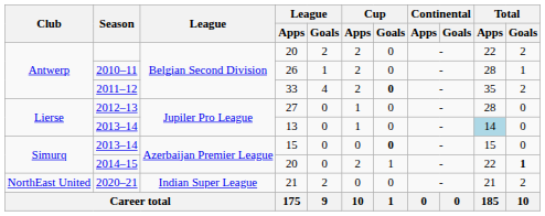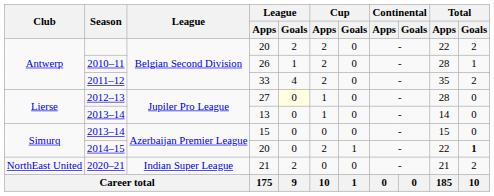 <table class="wikitable" style="text-align:center">
 <tr>
 <th rowspan="2">Club</th>
 <th rowspan="2">Season</th>
 <th rowspan="2">League</th>
 <th colspan=2>League</th>
 <th colspan=2>Cup</th>
 <th colspan=2>Continental</th>
 <th colspan=2>Total</th>
 </tr>
 <tr>
 <th>Apps</th>
 <th>Goals</th>
 <th>Apps</th>
 <th>Goals</th>
 <th>Apps</th>
 <th>Goals</th>
 <th>Apps</th>
 <th>Goals</th>
 </tr>
 <tr>
 <td rowspan="3"><a href='#'>Antwerp</a></td>
 <td></td>
 <td rowspan="3"><a href='#'>Belgian Second Division</a></td>
 <td>20</td>
 <td>2</td>
 <td>2</td>
 <td>0</td>
 <td colspan="2">-</td>
 <td>22</td>
 <td>2</td>
 </tr>
 <tr>
 <td><a href='#'>2010–11</a></td>
 <td>26</td>
 <td>1</td>
 <td>2</td>
 <td>0</td>
 <td colspan="2">-</td>
 <td>28</td>
 <td>1</td>
 </tr>
 <tr>
 <td><a href='#'>2011–12</a></td>
 <td>33</td>
 <td>4</td>
 <td>2</td>
-<td><strong>0</strong></td>
+<td>0</td>
 <td colspan="2">-</td>
 <td>35</td>
 <td>2</td>
 </tr>
 <tr>
 <td rowspan="2"><a href='#'>Lierse</a></td>
 <td><a href='#'>2012–13</a></td>
 <td rowspan="2"><a href='#'>Jupiler Pro League</a></td>
 <td>27</td>
-<td>0</td>
+<td style="background: lightyellow;">0</td>
 <td>1</td>
 <td>0</td>
 <td colspan="2">-</td>
 <td>28</td>
 <td>0</td>
 </tr>
 <tr>
 <td><a href='#'>2013–14</a></td>
 <td>13</td>
 <td>0</td>
 <td>1</td>
 <td>0</td>
 <td colspan="2">-</td>
-<td style="background: lightblue;">14</td>
+<td>14</td>
 <td>0</td>
 </tr>
 <tr>
 <td rowspan="2"><a href='#'>Simurq</a></td>
 <td><a href='#'>2013–14</a></td>
 <td rowspan="2"><a href='#'>Azerbaijan Premier League</a></td>
 <td>15</td>
 <td>0</td>
 <td>0</td>
-<td><strong>0</strong></td>
+<td>0</td>
 <td colspan="2">-</td>
 <td>15</td>
 <td>0</td>
 </tr>
 <tr>
 <td><a href='#'>2014–15</a></td>
 <td>20</td>
 <td>0</td>
 <td>2</td>
 <td>1</td>
 <td colspan="2">-</td>
 <td>22</td>
 <td><strong>1</strong></td>
 </tr>
 <tr>
 <td><a href='#'>NorthEast United</a></td>
 <td><a href='#'>2020–21</a></td>
 <td><a href='#'>Indian Super League</a></td>
 <td>21</td>
 <td>2</td>
 <td>0</td>
 <td>0</td>
 <td colspan="2">-</td>
 <td>21</td>
 <td>2</td>
 </tr>
 <tr>
 <th colspan="3">Career total</th>
 <th>175</th>
 <th>9</th>
 <th>10</th>
 <th>1</th>
 <th>0</th>
 <th>0</th>
 <th>185</th>
 <th>10</th>
 </tr>
 </table>
